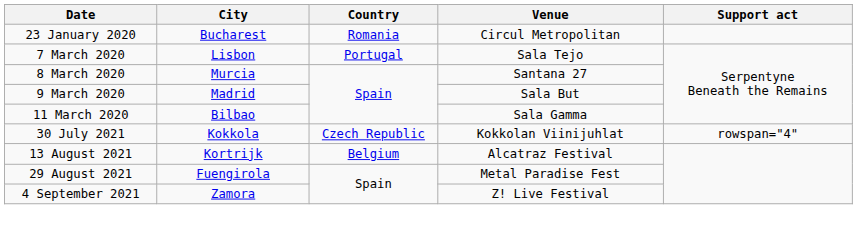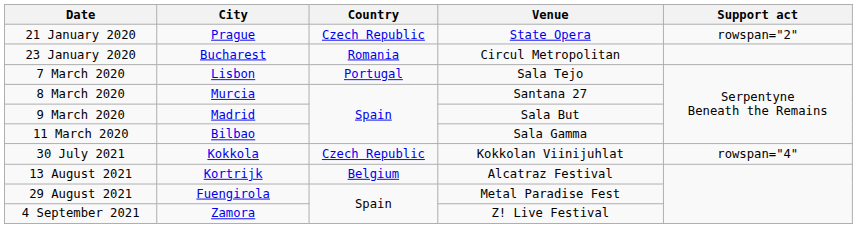 <table class="wikitable plainrowheaders" style="text-align:center;">
 <tr>
 <th scope="col" style="width:12em;">Date</th>
 <th scope="col" style="width:12em;">City</th>
 <th scope="col" style="width:10em;">Country</th>
 <th scope="col" style="width:18em;">Venue</th>
 <th scope="col" style="width:15em;">Support act</th>
+</tr>
+<tr>
+<td style="text-align:center">21 January 2020</td>
+<td style="text-align:center"><a href='#'>Prague</a></td>
+<td style="text-align:center"><a href='#'>Czech Republic</a></td>
+<td style="text-align:center"><a href='#'>State Opera</a></td>
+<td>rowspan="2" </td>
 </tr>
 <tr>
 <td style="text-align:center">23 January 2020</td>
 <td style="text-align:center"><a href='#'>Bucharest</a></td>
 <td style="text-align:center"><a href='#'>Romania</a></td>
 <td style="text-align:center">Circul Metropolitan</td>
 </tr>
 <tr>
 <td style="text-align:center">7 March 2020</td>
 <td style="text-align:center"><a href='#'>Lisbon</a></td>
 <td style="text-align:center"><a href='#'>Portugal</a></td>
 <td style="text-align:center">Sala Tejo</td>
 <td style="text-align:center" rowspan="4">Serpentyne<br>Beneath the Remains</td>
 </tr>
 <tr>
 <td style="text-align:center">8 March 2020</td>
 <td style="text-align:center"><a href='#'>Murcia</a></td>
 <td style="text-align:center" rowspan="3"><a href='#'>Spain</a></td>
 <td style="text-align:center">Santana 27</td>
 </tr>
 <tr>
 <td style="text-align:center">9 March 2020</td>
 <td style="text-align:center"><a href='#'>Madrid</a></td>
 <td style="text-align:center">Sala But</td>
 </tr>
 <tr>
 <td style="text-align:center">11 March 2020</td>
 <td style="text-align:center"><a href='#'>Bilbao</a></td>
 <td style="text-align:center">Sala Gamma</td>
 </tr>
 <tr>
 <td style="text-align:center">30 July 2021</td>
 <td style="text-align:center"><a href='#'>Kokkola</a></td>
 <td style="text-align:center"><a href='#'>Czech Republic</a></td>
 <td style="text-align:center">Kokkolan Viinijuhlat</td>
 <td>rowspan="4" </td>
 </tr>
 <tr>
 <td style="text-align:center">13 August 2021</td>
 <td style="text-align:center"><a href='#'>Kortrijk</a></td>
 <td style="text-align:center"><a href='#'>Belgium</a></td>
 <td style="text-align:center">Alcatraz Festival</td>
 </tr>
 <tr>
 <td style="text-align:center">29 August 2021</td>
 <td style="text-align:center"><a href='#'>Fuengirola</a></td>
 <td style="text-align:center" rowspan="2">Spain</td>
 <td style="text-align:center">Metal Paradise Fest</td>
 </tr>
 <tr>
 <td style="text-align:center">4 September 2021</td>
 <td style="text-align:center"><a href='#'>Zamora</a></td>
 <td style="text-align:center">Z! Live Festival</td>
 </tr>
 </table>
